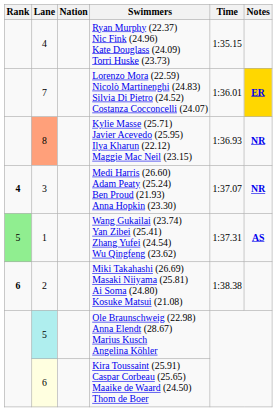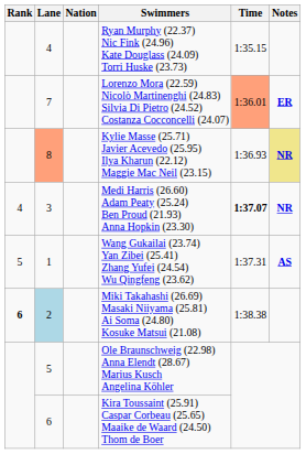 <table class="wikitable sortable" style="text-align:center">
 <tr>
 <th>Rank</th>
 <th>Lane</th>
 <th>Nation</th>
 <th>Swimmers</th>
 <th>Time</th>
 <th>Notes</th>
 </tr>
 <tr>
 <td></td>
 <td>4</td>
 <td align=left></td>
 <td align=left><a href='#'>Ryan Murphy</a> (22.37)<br><a href='#'>Nic Fink</a> (24.96)<br><a href='#'>Kate Douglass</a> (24.09)<br><a href='#'>Torri Huske</a> (23.73)</td>
 <td>1:35.15</td>
 <td></td>
 </tr>
 <tr>
 <td></td>
 <td>7</td>
 <td align=left></td>
 <td align=left><a href='#'>Lorenzo Mora</a> (22.59)<br><a href='#'>Nicolò Martinenghi</a> (24.83)<br><a href='#'>Silvia Di Pietro</a> (24.52)<br><a href='#'>Costanza Cocconcelli</a> (24.07)</td>
-<td>1:36.01</td>
-<td style="background: gold;"><a href='#'><strong>ER</strong></a></td>
+<td style="background: lightsalmon;">1:36.01</td>
+<td><a href='#'><strong>ER</strong></a></td>
 </tr>
 <tr>
 <td></td>
 <td style="background: lightsalmon;">8</td>
 <td align=left></td>
 <td align=left><a href='#'>Kylie Masse</a> (25.71)<br><a href='#'>Javier Acevedo</a> (25.95)<br><a href='#'>Ilya Kharun</a> (22.12)<br><a href='#'>Maggie Mac Neil</a> (23.15)</td>
 <td>1:36.93</td>
+<td style="background: khaki;"><strong><a href='#'>NR</a></strong></td>
+</tr>
+<tr>
+<td>4</td>
+<td>3</td>
+<td align=left></td>
+<td align=left><a href='#'>Medi Harris</a> (26.60)<br><a href='#'>Adam Peaty</a> (25.24)<br><a href='#'>Ben Proud</a> (21.93)<br><a href='#'>Anna Hopkin</a> (23.30)</td>
+<td><strong>1:37.07</strong></td>
 <td><strong><a href='#'>NR</a></strong></td>
 </tr>
 <tr>
-<td><strong>4</strong></td>
-<td>3</td>
-<td align=left></td>
-<td align=left><a href='#'>Medi Harris</a> (26.60)<br><a href='#'>Adam Peaty</a> (25.24)<br><a href='#'>Ben Proud</a> (21.93)<br><a href='#'>Anna Hopkin</a> (23.30)</td>
-<td>1:37.07</td>
-<td><strong><a href='#'>NR</a></strong></td>
-</tr>
-<tr>
-<td style="background: lightgreen;">5</td>
+<td>5</td>
 <td>1</td>
 <td align=left></td>
 <td align=left><a href='#'>Wang Gukailai</a> (23.74)<br><a href='#'>Yan Zibei</a> (25.41)<br><a href='#'>Zhang Yufei</a> (24.54)<br><a href='#'>Wu Qingfeng</a> (23.62)</td>
 <td>1:37.31</td>
 <td><strong><a href='#'>AS</a></strong></td>
 </tr>
 <tr>
 <td><strong>6</strong></td>
-<td>2</td>
+<td style="background: lightblue;">2</td>
 <td align=left></td>
 <td align=left><a href='#'>Miki Takahashi</a> (26.69)<br><a href='#'>Masaki Niiyama</a> (25.81)<br><a href='#'>Ai Soma</a> (24.80)<br><a href='#'>Kosuke Matsui</a> (21.08)</td>
 <td>1:38.38</td>
 <td></td>
 </tr>
 <tr>
 <td rowspan=2></td>
-<td style="background: paleturquoise;">5</td>
+<td>5</td>
 <td align=left></td>
 <td align=left><a href='#'>Ole Braunschweig</a> (22.98)<br><a href='#'>Anna Elendt</a> (28.67)<br><a href='#'>Marius Kusch</a><br><a href='#'>Angelina Köhler</a></td>
 <td colspan=2 rowspan=2></td>
 </tr>
 <tr>
-<td style="background: lightyellow;">6</td>
+<td>6</td>
 <td align=left></td>
 <td align=left><a href='#'>Kira Toussaint</a> (25.91)<br><a href='#'>Caspar Corbeau</a> (25.65)<br><a href='#'>Maaike de Waard</a> (24.50)<br><a href='#'>Thom de Boer</a></td>
 </tr>
 </table>
